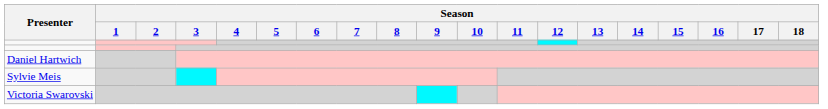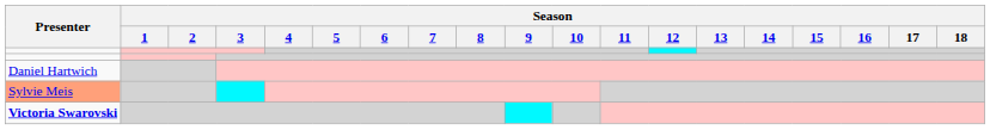 <table class="wikitable" style="margin:left;">
 <tr>
 <th rowspan="2">Presenter</th>
 <th colspan="18">Season</th>
 </tr>
 <tr>
 <th width="50"><a href='#'>1</a></th>
 <th width="50"><a href='#'>2</a></th>
 <th width="50"><a href='#'>3</a></th>
 <th width="50"><a href='#'>4</a></th>
 <th width="50"><a href='#'>5</a></th>
 <th width="50"><a href='#'>6</a></th>
 <th width="50"><a href='#'>7</a></th>
 <th width="50"><a href='#'>8</a></th>
 <th width="50"><a href='#'>9</a></th>
 <th width="50"><a href='#'>10</a></th>
 <th width="50"><a href='#'>11</a></th>
 <th width="50"><a href='#'>12</a></th>
 <th width="50"><a href='#'>13</a></th>
 <th width="50"><a href='#'>14</a></th>
 <th width="50"><a href='#'>15</a></th>
 <th width="50"><a href='#'>16</a></th>
 <th width="50">17</th>
 <th width="50">18</th>
 </tr>
 <tr>
 <td></td>
 <td colspan="3" style="background:#ffc6c6"></td>
 <td colspan="8" style="background:lightgrey"></td>
 <td style="background:#00f9ff"></td>
 <td colspan="6" style="background:lightgrey"></td>
 </tr>
 <tr>
 <td></td>
 <td colspan="2" style="background:#ffc6c6"></td>
 <td colspan="16" style="background:lightgrey"></td>
 </tr>
 <tr>
 <td><a href='#'>Daniel Hartwich</a></td>
 <td colspan="2" style="background:lightgrey"></td>
 <td colspan="16" style="background:#ffc6c6"></td>
 </tr>
 <tr>
-<td><a href='#'>Sylvie Meis</a></td>
+<td style="background: lightsalmon;"><a href='#'>Sylvie Meis</a></td>
 <td colspan="2" style="background:lightgrey"></td>
 <td style="background:#00f9ff"></td>
 <td colspan="7" style="background:#ffc6c6"></td>
 <td colspan="8" style="background:lightgrey"></td>
 </tr>
 <tr>
-<td><a href='#'>Victoria Swarovski</a></td>
+<td><strong><a href='#'>Victoria Swarovski</a></strong></td>
 <td colspan="8" style="background:lightgrey"></td>
 <td style="background:#00f9ff"></td>
 <td style="background:lightgrey"></td>
 <td colspan="8" style="background:#ffc6c6"></td>
 </tr>
 </table>
